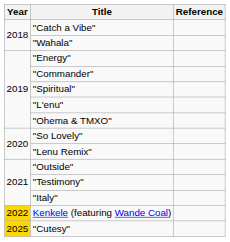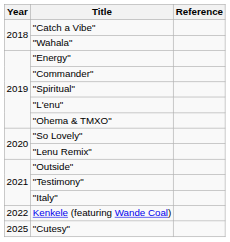 <table class="wikitable">
 <tr>
 <th>Year</th>
 <th>Title</th>
 <th>Reference</th>
 </tr>
 <tr>
 <td rowspan=2>2018</td>
 <td>"Catch a Vibe"</td>
 <td></td>
 </tr>
 <tr>
 <td>"Wahala"</td>
 <td></td>
 </tr>
 <tr>
 <td rowspan=5>2019</td>
 <td>"Energy"</td>
 <td></td>
 </tr>
 <tr>
 <td>"Commander"</td>
 <td></td>
 </tr>
 <tr>
 <td>"Spiritual" </td>
 <td></td>
 </tr>
 <tr>
 <td>"L'enu"</td>
 <td></td>
 </tr>
 <tr>
 <td>"Ohema & TMXO"</td>
 <td></td>
 </tr>
 <tr>
 <td rowspan=2>2020</td>
 <td>"So Lovely"</td>
 <td></td>
 </tr>
 <tr>
 <td>"Lenu Remix" </td>
 <td></td>
 </tr>
 <tr>
 <td rowspan="3">2021</td>
 <td>"Outside"</td>
 <td></td>
 </tr>
 <tr>
 <td>"Testimony"</td>
 <td></td>
 </tr>
 <tr>
 <td>"Italy" </td>
 <td></td>
 </tr>
 <tr>
-<td style="background: gold;">2022</td>
+<td>2022</td>
 <td><a href='#'>Kenkele</a> (featuring <a href='#'>Wande Coal</a>)</td>
 <td></td>
 </tr>
 <tr>
-<td style="background: gold;">2025</td>
+<td>2025</td>
 <td>"Cutesy"</td>
 <td></td>
 </tr>
 </table>
